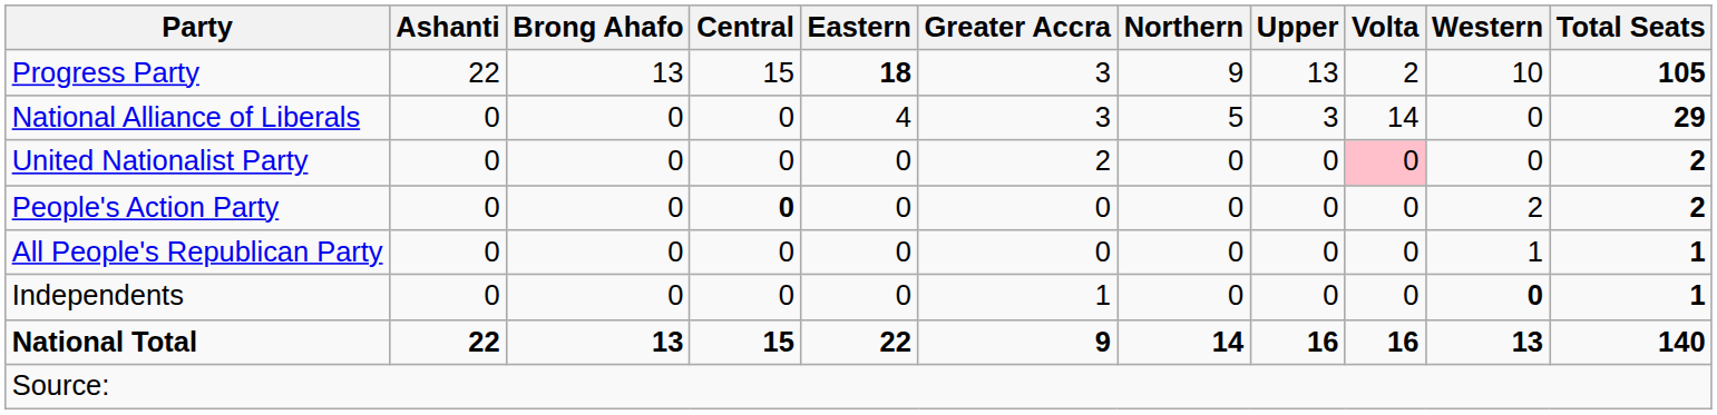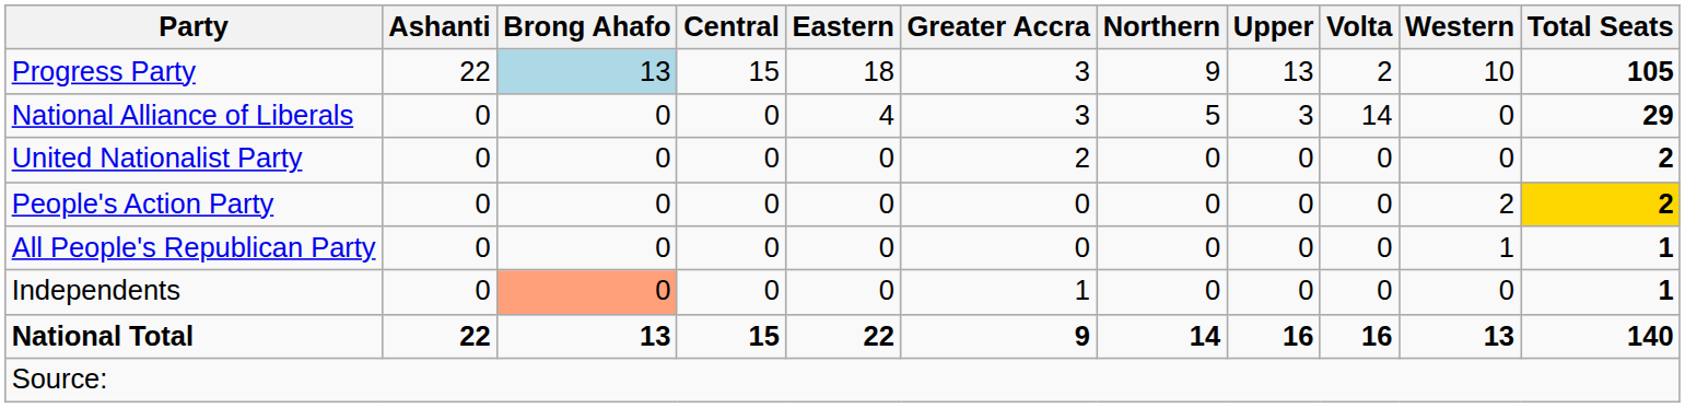 <table class=wikitable>
 <tr>
 <th>Party</th>
 <th>Ashanti</th>
 <th>Brong Ahafo</th>
 <th>Central</th>
 <th>Eastern</th>
 <th>Greater Accra</th>
 <th>Northern</th>
 <th>Upper</th>
 <th>Volta</th>
 <th>Western</th>
 <th>Total Seats</th>
 </tr>
 <tr>
 <td><a href='#'>Progress Party</a></td>
 <td align=right>22</td>
-<td align=right>13</td>
+<td align=right style="background: lightblue;">13</td>
 <td align=right>15</td>
-<td align=right><strong>18</strong></td>
+<td align=right>18</td>
 <td align=right>3</td>
 <td align=right>9</td>
 <td align=right>13</td>
 <td align=right>2</td>
 <td align=right>10</td>
 <td align=right><strong>105</strong></td>
 </tr>
 <tr>
 <td><a href='#'>National Alliance of Liberals</a></td>
 <td align=right>0</td>
 <td align=right>0</td>
 <td align=right>0</td>
 <td align=right>4</td>
 <td align=right>3</td>
 <td align=right>5</td>
 <td align=right>3</td>
 <td align=right>14</td>
 <td align=right>0</td>
 <td align=right><strong>29</strong></td>
 </tr>
 <tr>
 <td><a href='#'>United Nationalist Party</a></td>
 <td align=right>0</td>
 <td align=right>0</td>
 <td align=right>0</td>
 <td align=right>0</td>
 <td align=right>2</td>
 <td align=right>0</td>
 <td align=right>0</td>
-<td align=right style="background: pink;">0</td>
+<td align=right>0</td>
 <td align=right>0</td>
 <td align=right><strong>2</strong></td>
 </tr>
 <tr>
 <td><a href='#'>People's Action Party</a></td>
 <td align=right>0</td>
 <td align=right>0</td>
-<td align=right><strong>0</strong></td>
+<td align=right>0</td>
 <td align=right>0</td>
 <td align=right>0</td>
 <td align=right>0</td>
 <td align=right>0</td>
 <td align=right>0</td>
 <td align=right>2</td>
-<td align=right><strong>2</strong></td>
+<td align=right style="background: gold;"><strong>2</strong></td>
 </tr>
 <tr>
 <td><a href='#'>All People's Republican Party</a></td>
 <td align=right>0</td>
 <td align=right>0</td>
 <td align=right>0</td>
 <td align=right>0</td>
 <td align=right>0</td>
 <td align=right>0</td>
 <td align=right>0</td>
 <td align=right>0</td>
 <td align=right>1</td>
 <td align=right><strong>1</strong></td>
 </tr>
 <tr>
 <td>Independents</td>
 <td align=right>0</td>
-<td align=right>0</td>
+<td align=right style="background: lightsalmon;">0</td>
 <td align=right>0</td>
 <td align=right>0</td>
 <td align=right>1</td>
 <td align=right>0</td>
 <td align=right>0</td>
 <td align=right>0</td>
-<td align=right><strong>0</strong></td>
+<td align=right>0</td>
 <td align=right><strong>1</strong></td>
 </tr>
 <tr>
 <td><strong>National Total</strong></td>
 <td align=right><strong>22</strong></td>
 <td align=right><strong>13</strong></td>
 <td align=right><strong>15</strong></td>
 <td align=right><strong>22</strong></td>
 <td align=right><strong>9</strong></td>
 <td align=right><strong>14</strong></td>
 <td align=right><strong>16</strong></td>
 <td align=right><strong>16</strong></td>
 <td align=right><strong>13</strong></td>
 <td align=right><strong>140</strong></td>
 </tr>
 <tr>
 <td colspan=12 align=left>Source: </td>
 </tr>
 </table>
